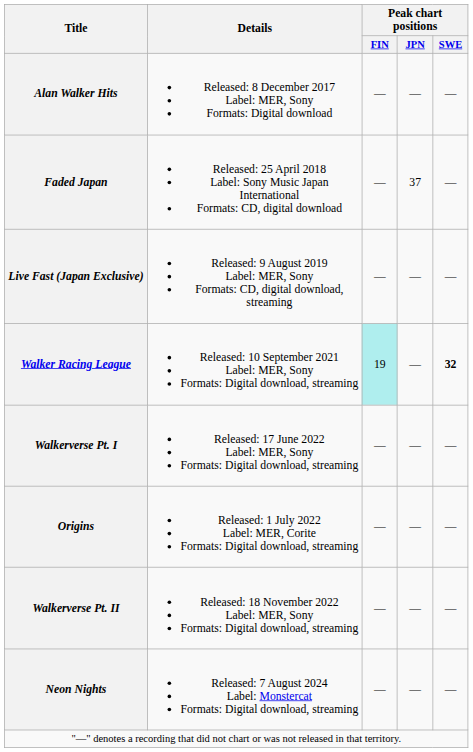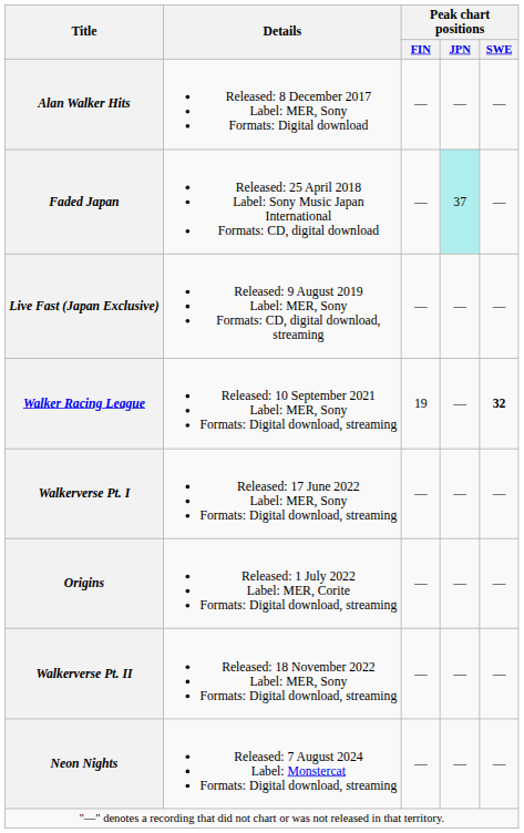 <table class="wikitable plainrowheaders" style="text-align:center">
 <tr>
 <th scope="col" rowspan="2" style="width:11.8em;">Title</th>
 <th scope="col" rowspan="2" style="width:17.9em;">Details</th>
 <th scope="col" colspan="3">Peak chart positions</th>
 </tr>
 <tr>
 <th scope="col" style="width:2.9em;font-size:90%;"><a href='#'>FIN</a><br></th>
 <th scope="col" style="width:2.9em;font-size:90%;"><a href='#'>JPN</a><br></th>
 <th scope="col" style="width:2.9em;font-size:90%;"><a href='#'>SWE</a><br></th>
 </tr>
 <tr>
 <th scope="row"><em>Alan Walker Hits</em></th>
 <td><br><ul><li>Released: 8 December 2017 </li><li>Label: MER, Sony</li><li>Formats: Digital download</li></ul></td>
 <td>—</td>
 <td>—</td>
 <td>—</td>
 </tr>
 <tr>
 <th scope="row"><em>Faded Japan</em></th>
 <td><br><ul><li>Released: 25 April 2018 </li><li>Label: Sony Music Japan International</li><li>Formats: CD, digital download</li></ul></td>
 <td>—</td>
-<td>37</td>
+<td style="background: paleturquoise;">37</td>
 <td>—</td>
 </tr>
 <tr>
 <th scope="row"><em>Live Fast (Japan Exclusive)</em></th>
 <td><br><ul><li>Released: 9 August 2019 </li><li>Label: MER, Sony</li><li>Formats: CD, digital download, streaming</li></ul></td>
 <td>—</td>
 <td>—</td>
 <td>—</td>
 </tr>
 <tr>
 <th scope="row"><em><a href='#'>Walker Racing League</a></em></th>
 <td><br><ul><li>Released: 10 September 2021</li><li>Label: MER, Sony</li><li>Formats: Digital download, streaming</li></ul></td>
-<td style="background: paleturquoise;">19</td>
+<td>19</td>
 <td>—</td>
 <td><strong>32</strong></td>
 </tr>
 <tr>
 <th scope="row"><em>Walkerverse Pt. I</em></th>
 <td><br><ul><li>Released: 17 June 2022</li><li>Label: MER, Sony</li><li>Formats: Digital download, streaming</li></ul></td>
 <td>—</td>
 <td>—</td>
 <td>—</td>
 </tr>
 <tr>
 <th scope="row"><em>Origins</em></th>
 <td><br><ul><li>Released: 1 July 2022</li><li>Label: MER, Corite</li><li>Formats: Digital download, streaming</li></ul></td>
 <td>—</td>
 <td>—</td>
 <td>—</td>
 </tr>
 <tr>
 <th scope="row"><em>Walkerverse Pt. II</em></th>
 <td><br><ul><li>Released: 18 November 2022</li><li>Label: MER, Sony</li><li>Formats: Digital download, streaming</li></ul></td>
 <td>—</td>
 <td>—</td>
 <td>—</td>
 </tr>
 <tr>
 <th scope="row"><em>Neon Nights</em></th>
 <td><br><ul><li>Released: 7 August 2024</li><li>Label: <a href='#'>Monstercat</a></li><li>Formats: Digital download, streaming</li></ul></td>
 <td>—</td>
 <td>—</td>
 <td>—</td>
 </tr>
 <tr>
 <td colspan="6" style="font-size:90%">"—" denotes a recording that did not chart or was not released in that territory.</td>
 </tr>
 </table>
